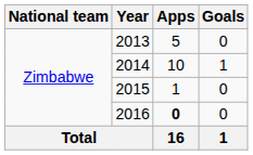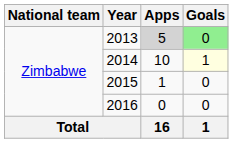 <table class="wikitable" style="text-align:center">
 <tr>
 <th>National team</th>
 <th>Year</th>
 <th>Apps</th>
 <th>Goals</th>
 </tr>
 <tr>
 <td rowspan="4"><a href='#'>Zimbabwe</a></td>
 <td>2013</td>
-<td>5</td>
-<td>0</td>
+<td style="background: lightgrey;">5</td>
+<td style="background: lightgreen;">0</td>
 </tr>
 <tr>
 <td>2014</td>
 <td>10</td>
-<td>1</td>
+<td style="background: lightyellow;">1</td>
 </tr>
 <tr>
 <td>2015</td>
 <td>1</td>
 <td>0</td>
 </tr>
 <tr>
 <td>2016</td>
-<td><strong>0</strong></td>
+<td>0</td>
 <td>0</td>
 </tr>
 <tr>
 <th colspan="2">Total</th>
 <th>16</th>
 <th>1</th>
 </tr>
 </table>
